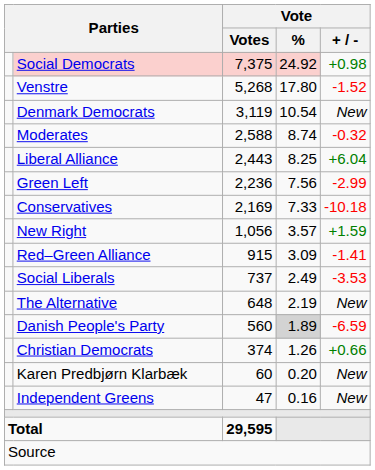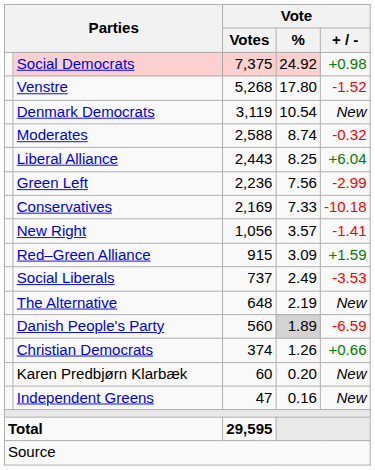 <table class="wikitable" style="text-align:right;">
 <tr>
 <th style="text-align:centre;" rowspan="2" colspan="2" width="225">Parties</th>
 <th colspan="3">Vote</th>
 </tr>
 <tr>
 <th width="15">Votes</th>
 <th width="15">%</th>
 <th width="15">+ / -</th>
 </tr>
 <tr>
 <td width="2" style="color:inherit;background:"></td>
 <td bgcolor=#fbd0ce  align="left"><a href='#'>Social Democrats</a></td>
 <td bgcolor=#fbd0ce>7,375</td>
 <td bgcolor=#fbd0ce>24.92</td>
 <td style=color:green;>+0.98</td>
 </tr>
 <tr>
 <td width="2" style="color:inherit;background:"></td>
 <td align="left"><a href='#'>Venstre</a></td>
 <td>5,268</td>
 <td>17.80</td>
 <td style=color:red;>-1.52</td>
 </tr>
 <tr>
 <td width="2" style="color:inherit;background:"></td>
 <td align="left"><a href='#'>Denmark Democrats</a></td>
 <td>3,119</td>
 <td>10.54</td>
 <td><em>New</em></td>
 </tr>
 <tr>
 <td width="2" style="color:inherit;background:"></td>
 <td align="left"><a href='#'>Moderates</a></td>
 <td>2,588</td>
 <td>8.74</td>
 <td style=color:red;>-0.32</td>
 </tr>
 <tr>
 <td width="2" style="color:inherit;background:"></td>
 <td align="left"><a href='#'>Liberal Alliance</a></td>
 <td>2,443</td>
 <td>8.25</td>
 <td style=color:green;>+6.04</td>
 </tr>
 <tr>
 <td width="2" style="color:inherit;background:"></td>
 <td align="left"><a href='#'>Green Left</a></td>
 <td>2,236</td>
 <td>7.56</td>
 <td style=color:red;>-2.99</td>
 </tr>
 <tr>
 <td width="2" style="color:inherit;background:"></td>
 <td align="left"><a href='#'>Conservatives</a></td>
 <td>2,169</td>
 <td>7.33</td>
 <td style=color:red;>-10.18</td>
 </tr>
 <tr>
 <td width="2" style="color:inherit;background:"></td>
 <td align="left"><a href='#'>New Right</a></td>
 <td>1,056</td>
 <td>3.57</td>
-<td style=color:green;>+1.59</td>
+<td style=color:red;>-1.41</td>
 </tr>
 <tr>
 <td width="2" style="color:inherit;background:"></td>
 <td align="left"><a href='#'>Red–Green Alliance</a></td>
 <td>915</td>
 <td>3.09</td>
-<td style=color:red;>-1.41</td>
+<td style=color:green;>+1.59</td>
 </tr>
 <tr>
 <td width="2" style="color:inherit;background:"></td>
 <td align="left"><a href='#'>Social Liberals</a></td>
 <td>737</td>
 <td>2.49</td>
 <td style=color:red;>-3.53</td>
 </tr>
 <tr>
 <td width="2" style="color:inherit;background:"></td>
 <td align="left"><a href='#'>The Alternative</a></td>
 <td>648</td>
 <td>2.19</td>
 <td><em>New</em></td>
 </tr>
 <tr>
 <td width="2" style="color:inherit;background:"></td>
 <td align="left"><a href='#'>Danish People's Party</a></td>
 <td>560</td>
 <td style="background: lightgrey;">1.89</td>
 <td style=color:red;>-6.59</td>
 </tr>
 <tr>
 <td width="2" style="color:inherit;background:"></td>
 <td align="left"><a href='#'>Christian Democrats</a></td>
 <td>374</td>
 <td>1.26</td>
 <td style=color:green;>+0.66</td>
 </tr>
 <tr>
 <td width="2" style="color:inherit;background:"></td>
 <td align="left">Karen Predbjørn Klarbæk</td>
 <td>60</td>
 <td>0.20</td>
 <td><em>New</em></td>
 </tr>
 <tr>
 <td width="2" style="color:inherit;background:"></td>
 <td align="left"><a href='#'>Independent Greens</a></td>
 <td>47</td>
 <td>0.16</td>
 <td><em>New</em></td>
 </tr>
 <tr>
 <td colspan="7" bgcolor="#E9E9E9"></td>
 </tr>
 <tr>
 <td align="left" colspan="2"><strong>Total</strong></td>
 <td><strong>29,595</strong></td>
 <td bgcolor="#E9E9E9" colspan="2"></td>
 </tr>
 <tr>
 <td align="left" colspan="6">Source</td>
 </tr>
 </table>
